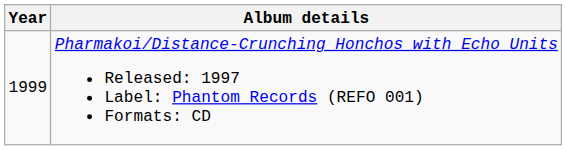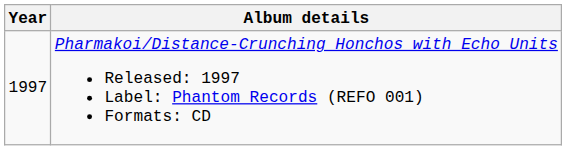 <table class="wikitable">
 <tr>
 <th>Year</th>
 <th>Album details</th>
 </tr>
 <tr>
-<td style="text-align:center;">1999</td>
+<td style="text-align:center;">1997</td>
 <td><em><a href='#'>Pharmakoi/Distance-Crunching Honchos with Echo Units</a></em><br><ul><li>Released: 1997</li><li>Label: <a href='#'>Phantom Records</a> (REFO 001)</li><li>Formats: CD</li></ul></td>
 </tr>
 </table>
